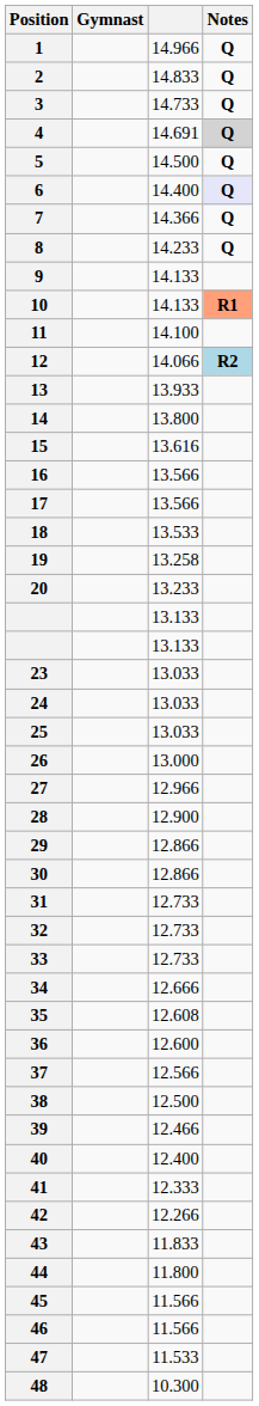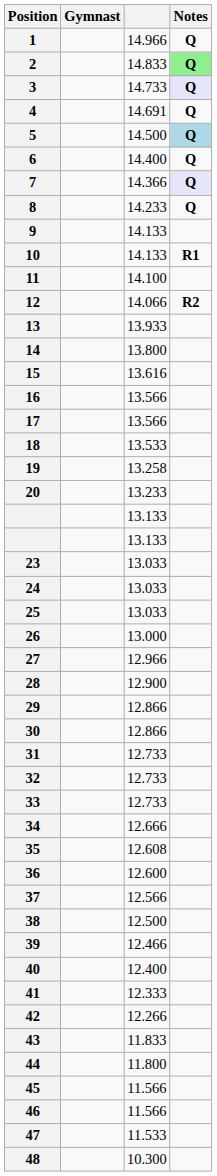 <table class="wikitable sortable" style="text-align:center; font-size:95%">
 <tr>
 <th scope=col>Position</th>
 <th scope=col>Gymnast</th>
 <th scope=col></th>
 <th scope=col>Notes</th>
 </tr>
 <tr>
 <th scope=rows>1</th>
 <td align=left></td>
 <td>14.966</td>
 <td><strong>Q</strong></td>
 </tr>
 <tr>
 <th scope=rows>2</th>
 <td align=left></td>
 <td>14.833</td>
-<td><strong>Q</strong></td>
+<td style="background: lightgreen;"><strong>Q</strong></td>
 </tr>
 <tr>
 <th scope=rows>3</th>
 <td align=left></td>
 <td>14.733</td>
-<td><strong>Q</strong></td>
+<td style="background: lavender;"><strong>Q</strong></td>
 </tr>
 <tr>
 <th scope=rows>4</th>
 <td align=left></td>
 <td>14.691</td>
-<td style="background: lightgrey;"><strong>Q</strong></td>
+<td><strong>Q</strong></td>
 </tr>
 <tr>
 <th scope=rows>5</th>
 <td align=left></td>
 <td>14.500</td>
-<td><strong>Q</strong></td>
+<td style="background: lightblue;"><strong>Q</strong></td>
 </tr>
 <tr>
 <th scope=rows>6</th>
 <td align=left></td>
 <td>14.400</td>
-<td style="background: lavender;"><strong>Q</strong></td>
+<td><strong>Q</strong></td>
 </tr>
 <tr>
 <th scope=rows>7</th>
 <td align=left></td>
 <td>14.366</td>
-<td><strong>Q</strong></td>
+<td style="background: lavender;"><strong>Q</strong></td>
 </tr>
 <tr>
 <th scope=rows>8</th>
 <td align=left></td>
 <td>14.233</td>
 <td><strong>Q</strong></td>
 </tr>
 <tr>
 <th scope=rows>9</th>
 <td align=left></td>
 <td>14.133</td>
 <td></td>
 </tr>
 <tr>
 <th scope=rows>10</th>
 <td align=left></td>
 <td>14.133</td>
-<td style="background: lightsalmon;"><strong>R1</strong></td>
+<td><strong>R1</strong></td>
 </tr>
 <tr>
 <th scope=rows>11</th>
 <td align=left></td>
 <td>14.100</td>
 <td></td>
 </tr>
 <tr>
 <th scope=rows>12</th>
 <td align=left></td>
 <td>14.066</td>
-<td style="background: lightblue;"><strong>R2</strong></td>
+<td><strong>R2</strong></td>
 </tr>
 <tr>
 <th scope=rows>13</th>
 <td align=left></td>
 <td>13.933</td>
 <td></td>
 </tr>
 <tr>
 <th scope=rows>14</th>
 <td align=left></td>
 <td>13.800</td>
 <td></td>
 </tr>
 <tr>
 <th scope=rows>15</th>
 <td align=left></td>
 <td>13.616</td>
 <td></td>
 </tr>
 <tr>
 <th scope=rows>16</th>
 <td align=left></td>
 <td>13.566</td>
 <td></td>
 </tr>
 <tr>
 <th scope=rows>17</th>
 <td align=left></td>
 <td>13.566</td>
 <td></td>
 </tr>
 <tr>
 <th scope=rows>18</th>
 <td align=left></td>
 <td>13.533</td>
 <td></td>
 </tr>
 <tr>
 <th scope=rows>19</th>
 <td align=left></td>
 <td>13.258</td>
 <td></td>
 </tr>
 <tr>
 <th scope=rows>20</th>
 <td align=left></td>
 <td>13.233</td>
 <td></td>
 </tr>
 <tr>
 <th scope=rows></th>
 <td align=left></td>
 <td>13.133</td>
 <td></td>
 </tr>
 <tr>
 <th scope=rows></th>
 <td align=left></td>
 <td>13.133</td>
 <td></td>
 </tr>
 <tr>
 <th scope=row>23</th>
 <td align=left></td>
 <td>13.033</td>
 <td></td>
 </tr>
 <tr>
 <th scope=row>24</th>
 <td align=left></td>
 <td>13.033</td>
 <td></td>
 </tr>
 <tr>
 <th scope=row>25</th>
 <td align=left></td>
 <td>13.033</td>
 <td></td>
 </tr>
 <tr>
 <th scope=row>26</th>
 <td align=left></td>
 <td>13.000</td>
 <td></td>
 </tr>
 <tr>
 <th scope=row>27</th>
 <td align=left></td>
 <td>12.966</td>
 <td></td>
 </tr>
 <tr>
 <th scope=row>28</th>
 <td align=left></td>
 <td>12.900</td>
 <td></td>
 </tr>
 <tr>
 <th scope=row>29</th>
 <td align=left></td>
 <td>12.866</td>
 <td></td>
 </tr>
 <tr>
 <th scope=row>30</th>
 <td align=left></td>
 <td>12.866</td>
 <td></td>
 </tr>
 <tr>
 <th scope=row>31</th>
 <td align=left></td>
 <td>12.733</td>
 <td></td>
 </tr>
 <tr>
 <th scope=row>32</th>
 <td align=left></td>
 <td>12.733</td>
 <td></td>
 </tr>
 <tr>
 <th scope=row>33</th>
 <td align=left></td>
 <td>12.733</td>
 <td></td>
 </tr>
 <tr>
 <th scope=row>34</th>
 <td align=left></td>
 <td>12.666</td>
 <td></td>
 </tr>
 <tr>
 <th scope=row>35</th>
 <td align=left></td>
 <td>12.608</td>
 <td></td>
 </tr>
 <tr>
 <th scope=row>36</th>
 <td align=left></td>
 <td>12.600</td>
 <td></td>
 </tr>
 <tr>
 <th scope=row>37</th>
 <td align=left></td>
 <td>12.566</td>
 <td></td>
 </tr>
 <tr>
 <th scope=row>38</th>
 <td align=left></td>
 <td>12.500</td>
 <td></td>
 </tr>
 <tr>
 <th scope=row>39</th>
 <td align=left></td>
 <td>12.466</td>
 <td></td>
 </tr>
 <tr>
 <th scope=row>40</th>
 <td align=left></td>
 <td>12.400</td>
 <td></td>
 </tr>
 <tr>
 <th scope=row>41</th>
 <td align=left></td>
 <td>12.333</td>
 <td></td>
 </tr>
 <tr>
 <th scope=row>42</th>
 <td align=left></td>
 <td>12.266</td>
 <td></td>
 </tr>
 <tr>
 <th scope=row>43</th>
 <td align=left></td>
 <td>11.833</td>
 <td></td>
 </tr>
 <tr>
 <th scope=row>44</th>
 <td align=left></td>
 <td>11.800</td>
 <td></td>
 </tr>
 <tr>
 <th scope=row>45</th>
 <td align=left></td>
 <td>11.566</td>
 <td></td>
 </tr>
 <tr>
 <th scope=row>46</th>
 <td align=left></td>
 <td>11.566</td>
 <td></td>
 </tr>
 <tr>
 <th scope=row>47</th>
 <td align=left></td>
 <td>11.533</td>
 <td></td>
 </tr>
 <tr>
 <th scope=row>48</th>
 <td align=left></td>
 <td>10.300</td>
 <td></td>
 </tr>
 </table>
